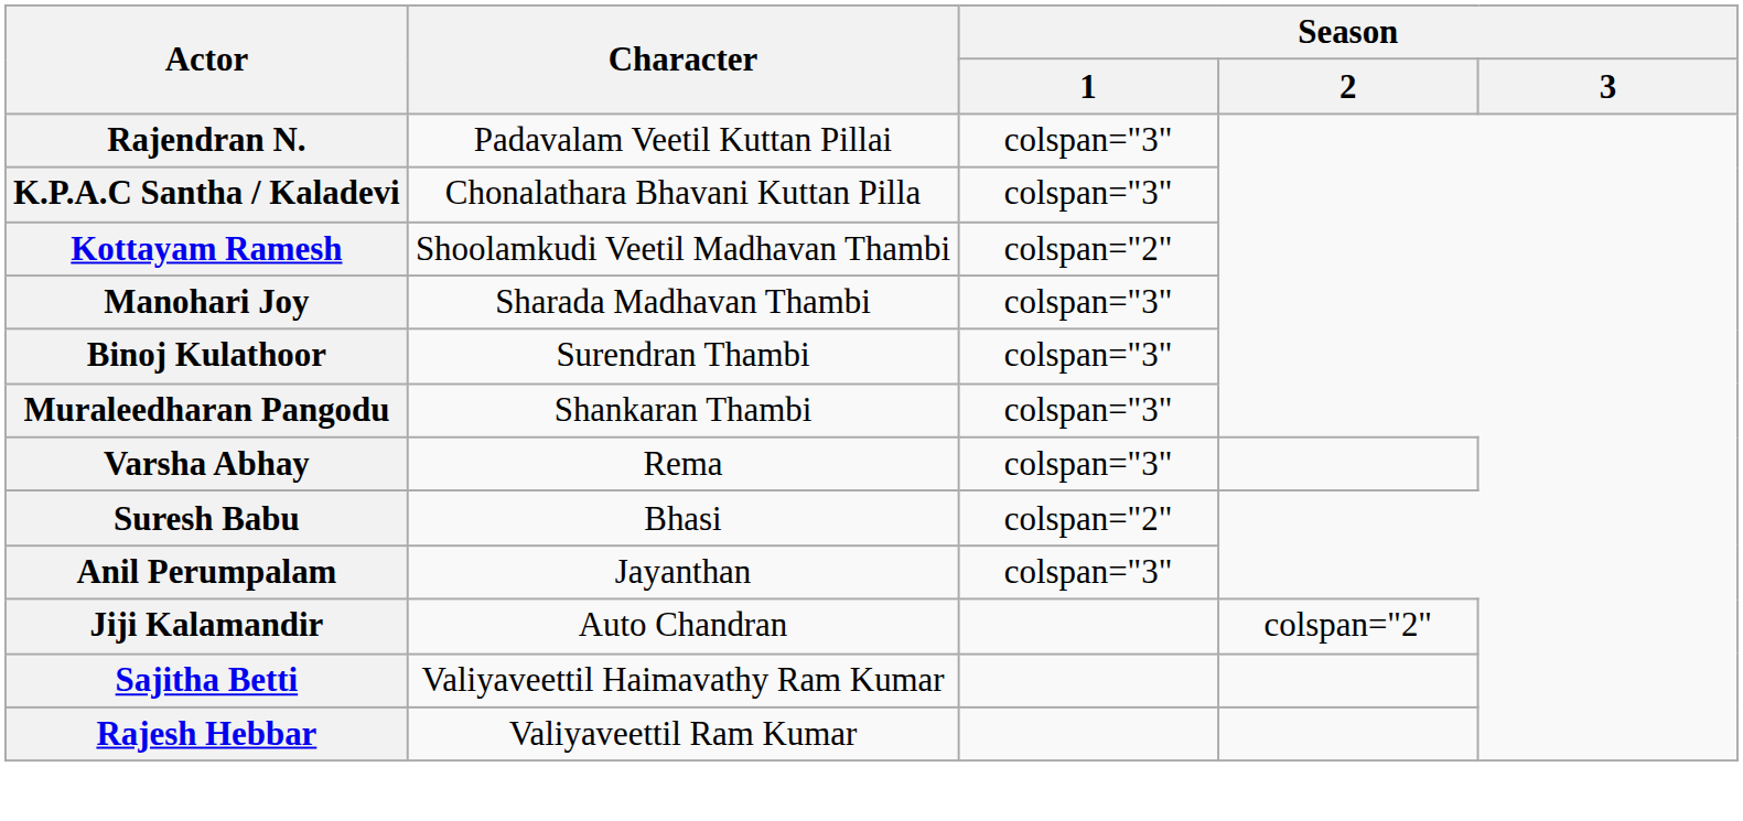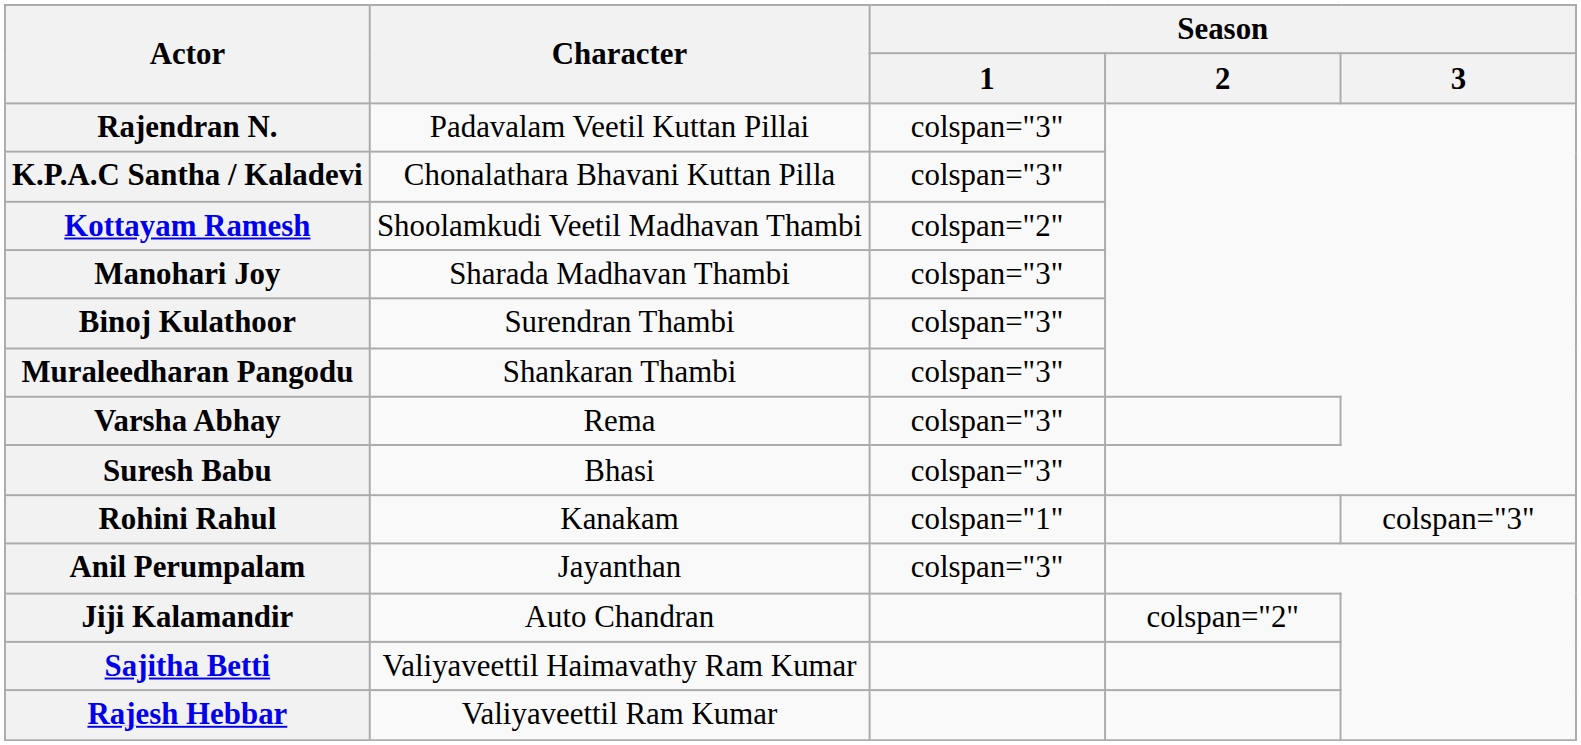 <table class="wikitable plainrowheaders" style="text-align:center;">
 <tr>
 <th scope="col" rowspan="2">Actor</th>
 <th scope="col" rowspan="2">Character</th>
 <th scope="col" colspan="3">Season</th>
 </tr>
 <tr>
 <th style="width:15%;">1</th>
 <th style="width:15%;">2</th>
 <th style="width:15%;">3</th>
 </tr>
 <tr>
 <th scope="row">Rajendran N.</th>
 <td>Padavalam Veetil Kuttan Pillai</td>
 <td>colspan="3" </td>
 </tr>
 <tr>
 <th scope="row">K.P.A.C Santha / Kaladevi</th>
 <td>Chonalathara Bhavani Kuttan Pilla</td>
 <td>colspan="3" </td>
 </tr>
 <tr>
 <th scope="row"><a href='#'>Kottayam Ramesh</a></th>
 <td>Shoolamkudi Veetil Madhavan Thambi</td>
 <td>colspan="2" </td>
 </tr>
 <tr>
 <th scope="row">Manohari Joy</th>
 <td>Sharada Madhavan Thambi</td>
 <td>colspan="3" </td>
 </tr>
 <tr>
 <th scope="row">Binoj Kulathoor</th>
 <td>Surendran Thambi</td>
 <td>colspan="3" </td>
 </tr>
 <tr>
 <th scope="row">Muraleedharan Pangodu</th>
 <td>Shankaran Thambi</td>
 <td>colspan="3" </td>
 </tr>
 <tr>
 <th scope="row">Varsha Abhay</th>
 <td>Rema</td>
 <td>colspan="3" </td>
 <td></td>
 </tr>
 <tr>
 <th scope="row">Suresh Babu</th>
 <td>Bhasi</td>
-<td>colspan="2" </td>
+<td>colspan="3" </td>
+</tr>
+<tr>
+<th scope="row">Rohini Rahul</th>
+<td>Kanakam</td>
+<td>colspan="1" </td>
+<td></td>
+<td>colspan="3" </td>
 </tr>
 <tr>
 <th scope="row">Anil Perumpalam</th>
 <td>Jayanthan</td>
 <td>colspan="3" </td>
 </tr>
 <tr>
 <th scope="row">Jiji Kalamandir</th>
 <td>Auto Chandran</td>
 <td></td>
 <td>colspan="2" </td>
 </tr>
 <tr>
 <th scope="row"><a href='#'>Sajitha Betti</a></th>
 <td>Valiyaveettil Haimavathy Ram Kumar</td>
 <td></td>
 <td></td>
 </tr>
 <tr>
 <th scope="row"><a href='#'>Rajesh Hebbar</a></th>
 <td>Valiyaveettil Ram Kumar</td>
 <td></td>
 <td></td>
 </tr>
 </table>
